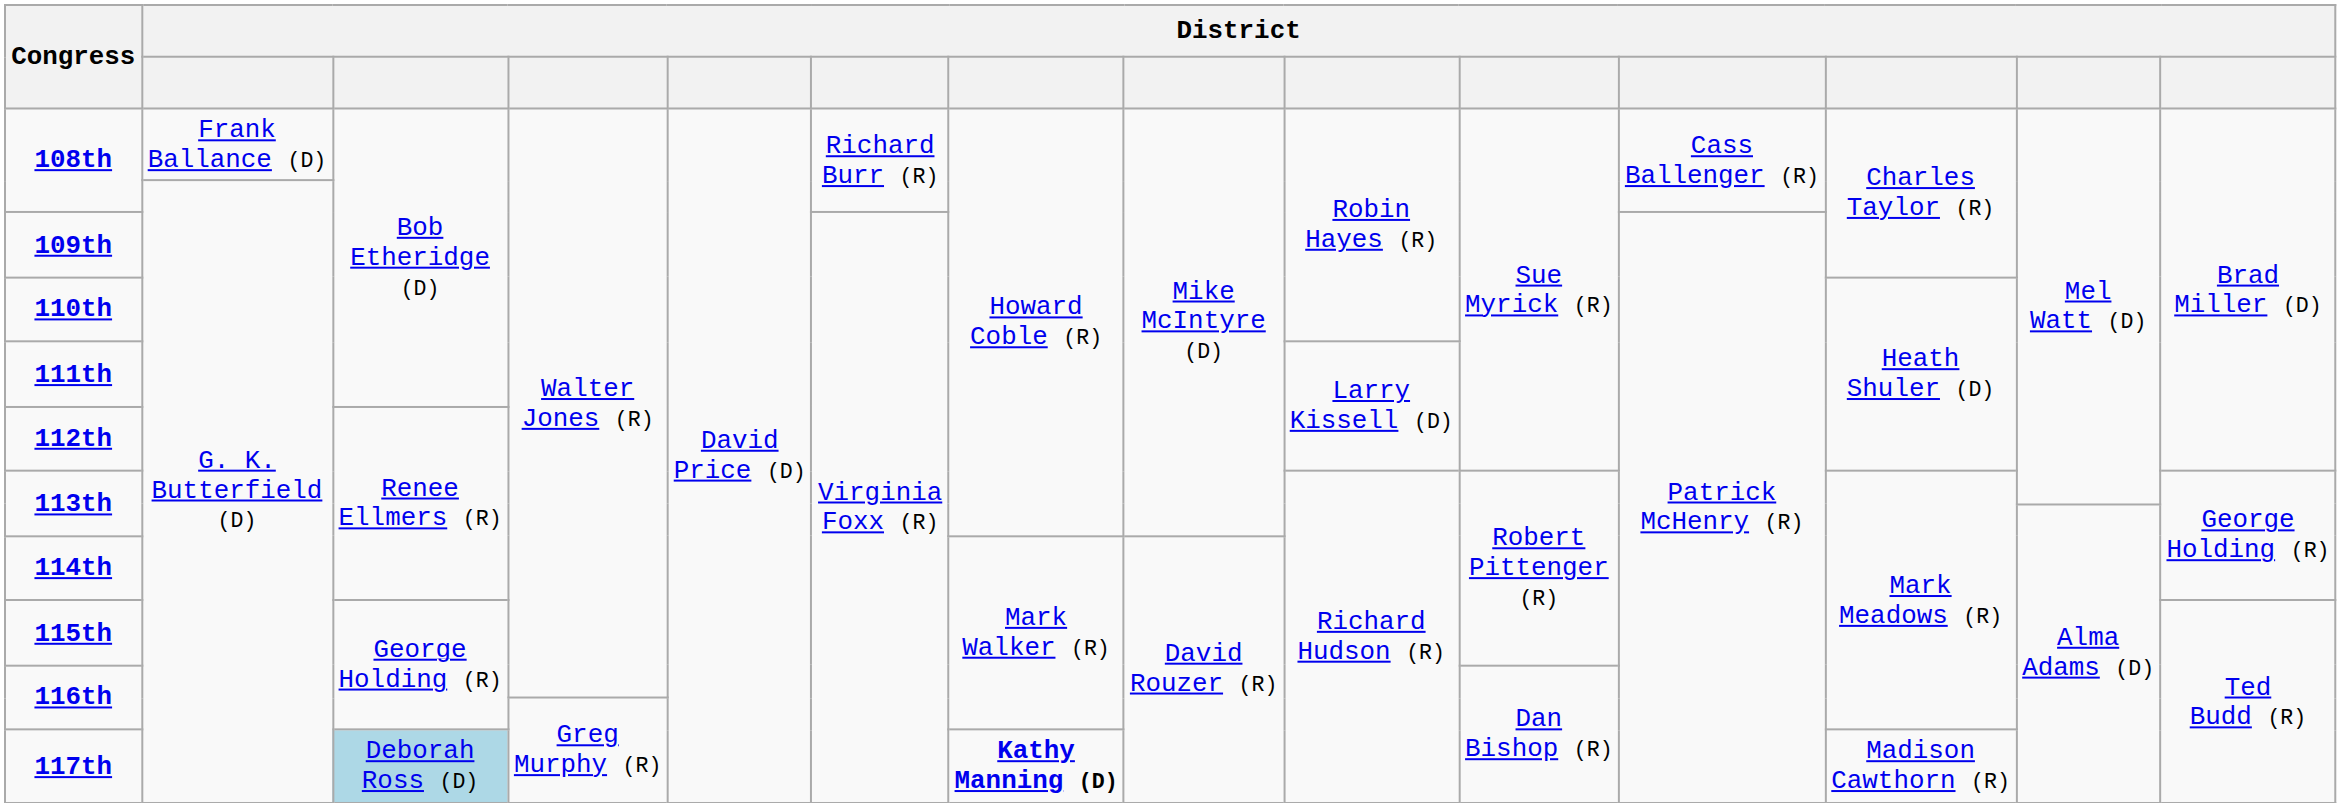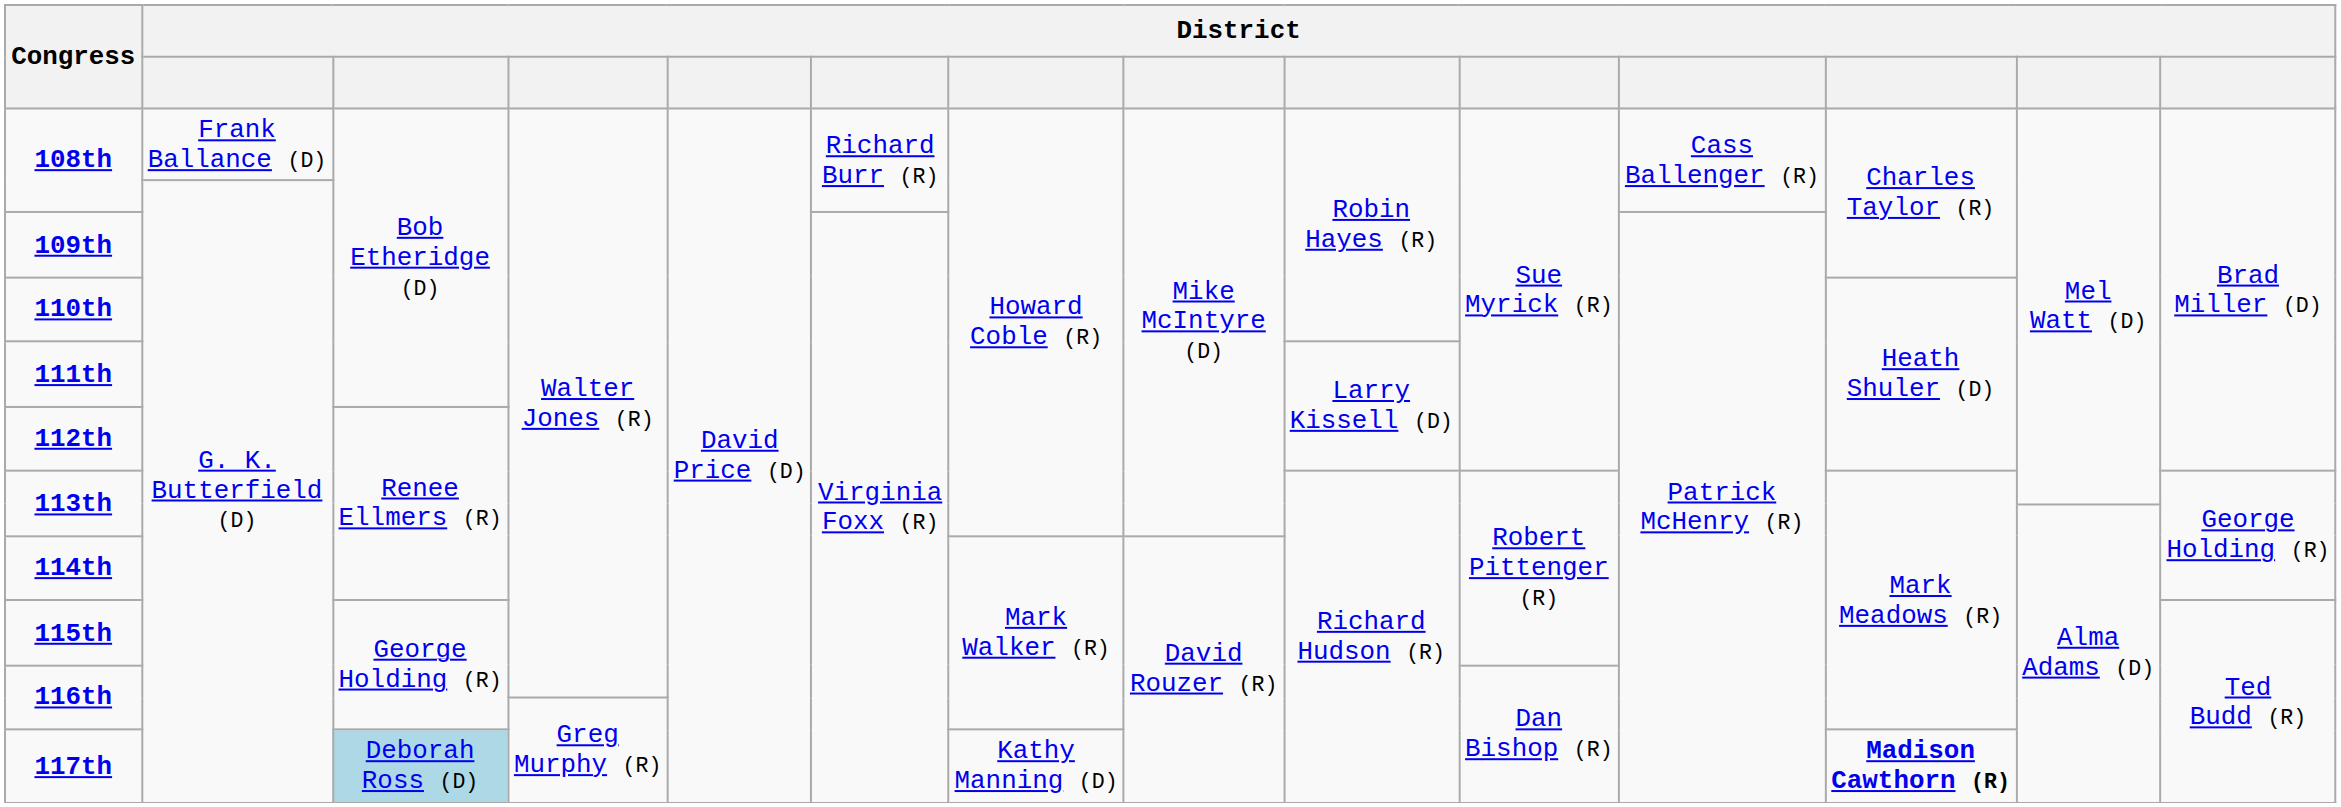 <table class=wikitable style="text-align:center">
 <tr style="height:2em">
 <th rowspan=2>Congress</th>
 <th colspan=13>District</th>
 </tr>
 <tr style="height:2em">
 <th></th>
 <th></th>
 <th></th>
 <th></th>
 <th></th>
 <th></th>
 <th></th>
 <th></th>
 <th></th>
 <th></th>
 <th></th>
 <th></th>
 <th></th>
 </tr>
 <tr style="height:2em">
 <td rowspan=2><strong><a href='#'>108th</a></strong> </td>
 <td><a href='#'>Frank<br>Ballance</a> <small>(D)</small></td>
 <td rowspan=5 ><a href='#'>Bob<br>Etheridge</a><br><small>(D)</small></td>
 <td rowspan=11 ><a href='#'>Walter<br>Jones</a> <small>(R)</small></td>
 <td rowspan=13 ><a href='#'>David<br>Price</a> <small>(D)</small></td>
 <td rowspan=2 ><a href='#'>Richard<br>Burr</a> <small>(R)</small></td>
 <td rowspan=8 ><a href='#'>Howard<br>Coble</a> <small>(R)</small></td>
 <td rowspan=8 ><a href='#'>Mike<br>McIntyre</a><br><small>(D)</small></td>
 <td rowspan=4 ><a href='#'>Robin<br>Hayes</a> <small>(R)</small></td>
 <td rowspan=6 ><a href='#'>Sue<br>Myrick</a> <small>(R)</small></td>
 <td rowspan=2 ><a href='#'>Cass<br>Ballenger</a> <small>(R)</small></td>
 <td rowspan=3 ><a href='#'>Charles<br>Taylor</a> <small>(R)</small></td>
 <td rowspan=7 ><a href='#'>Mel<br>Watt</a> <small>(D)</small></td>
 <td rowspan=6 ><a href='#'>Brad<br>Miller</a> <small>(D)</small></td>
 </tr>
 <tr style="height:1.25em">
 <td rowspan=12 ><a href='#'>G. K.<br>Butterfield</a><br><small>(D)</small></td>
 </tr>
 <tr style="height:2.5em">
 <td><strong><a href='#'>109th</a></strong> </td>
 <td rowspan=11 ><a href='#'>Virginia<br>Foxx</a> <small>(R)</small></td>
 <td rowspan=11 ><a href='#'>Patrick<br>McHenry</a> <small>(R)</small></td>
 </tr>
 <tr style="height:2.5em">
 <td><strong><a href='#'>110th</a></strong> </td>
 <td rowspan=3 ><a href='#'>Heath<br>Shuler</a> <small>(D)</small></td>
 </tr>
 <tr style="height:2.5em">
 <td><strong><a href='#'>111th</a></strong> </td>
 <td rowspan=2 ><a href='#'>Larry<br>Kissell</a> <small>(D)</small></td>
 </tr>
 <tr style="height:2.5em">
 <td><strong><a href='#'>112th</a></strong> </td>
 <td rowspan=4 ><a href='#'>Renee<br>Ellmers</a> <small>(R)</small></td>
 </tr>
 <tr style="height:1.25em">
 <td rowspan=2><strong><a href='#'>113th</a></strong> </td>
 <td rowspan=7 ><a href='#'>Richard<br>Hudson</a> <small>(R)</small></td>
 <td rowspan=4 ><a href='#'>Robert<br>Pittenger</a><br><small>(R)</small></td>
 <td rowspan=6 ><a href='#'>Mark<br>Meadows</a> <small>(R)</small></td>
 <td rowspan=3 ><a href='#'>George<br>Holding</a> <small>(R)</small></td>
 </tr>
 <tr style="height:1.25em">
 <td rowspan=6 ><a href='#'>Alma<br>Adams</a> <small>(D)</small></td>
 </tr>
 <tr style="height:2.5em">
 <td><strong><a href='#'>114th</a></strong> </td>
 <td rowspan=4 ><a href='#'>Mark<br>Walker</a> <small>(R)</small></td>
 <td rowspan=5 ><a href='#'>David<br>Rouzer</a> <small>(R)</small></td>
 </tr>
 <tr style="height:2.5em">
 <td><strong><a href='#'>115th</a></strong> </td>
 <td rowspan=3 ><a href='#'>George<br>Holding</a> <small>(R)</small></td>
 <td rowspan=4 ><a href='#'>Ted<br>Budd</a> <small>(R)</small></td>
 </tr>
 <tr style="height:1.25em">
 <td rowspan=2><strong><a href='#'>116th</a></strong> </td>
 <td rowspan=3 ><a href='#'>Dan<br>Bishop</a> <small>(R)</small></td>
 </tr>
 <tr style="height:1.25em">
 <td rowspan=2 ><a href='#'>Greg<br>Murphy</a> <small>(R)</small></td>
 </tr>
 <tr style="height:2em">
 <td><strong><a href='#'>117th</a></strong> </td>
 <td style="background: lightblue;"><a href='#'>Deborah<br>Ross</a> <small>(D)</small></td>
-<td><strong><a href='#'>Kathy<br>Manning</a> <small>(D)</small></strong></td>
-<td><a href='#'>Madison<br>Cawthorn</a> <small>(R)</small></td>
+<td><a href='#'>Kathy<br>Manning</a> <small>(D)</small></td>
+<td><strong><a href='#'>Madison<br>Cawthorn</a> <small>(R)</small></strong></td>
 </tr>
 </table>
